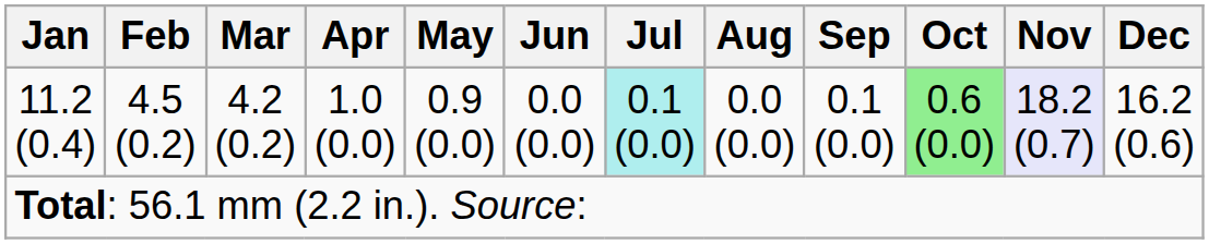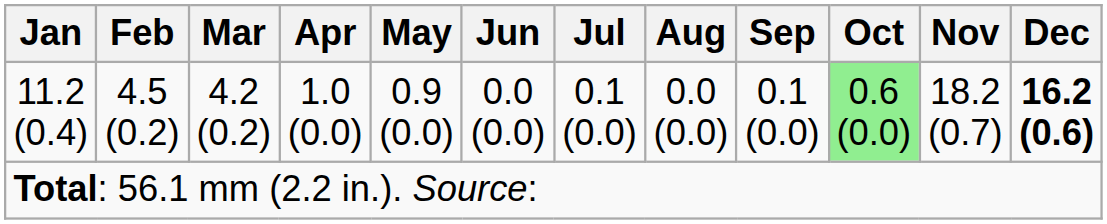 <table class="wikitable">
 <tr>
 <th>Jan</th>
 <th>Feb</th>
 <th>Mar</th>
 <th>Apr</th>
 <th>May</th>
 <th>Jun</th>
 <th>Jul</th>
 <th>Aug</th>
 <th>Sep</th>
 <th>Oct</th>
 <th>Nov</th>
 <th>Dec</th>
 </tr>
 <tr>
 <td align=center>11.2<br>(0.4)</td>
 <td align=center>4.5<br>(0.2)</td>
 <td align=center>4.2<br>(0.2)</td>
 <td align=center>1.0<br>(0.0)</td>
 <td align=center>0.9<br>(0.0)</td>
 <td align=center>0.0<br>(0.0)</td>
-<td align=center style="background: paleturquoise;">0.1<br>(0.0)</td>
+<td align=center>0.1<br>(0.0)</td>
 <td align=center>0.0<br>(0.0)</td>
 <td align=center>0.1<br>(0.0)</td>
 <td align=center style="background: lightgreen;">0.6<br>(0.0)</td>
-<td align=center style="background: lavender;">18.2<br>(0.7)</td>
-<td align=center>16.2<br>(0.6)</td>
+<td align=center>18.2<br>(0.7)</td>
+<td align=center><strong>16.2<br>(0.6)</strong></td>
 </tr>
 <tr>
 <td colspan="12"><strong>Total</strong>: 56.1 mm (2.2 in.). <em>Source</em>: </td>
 </tr>
 </table>
